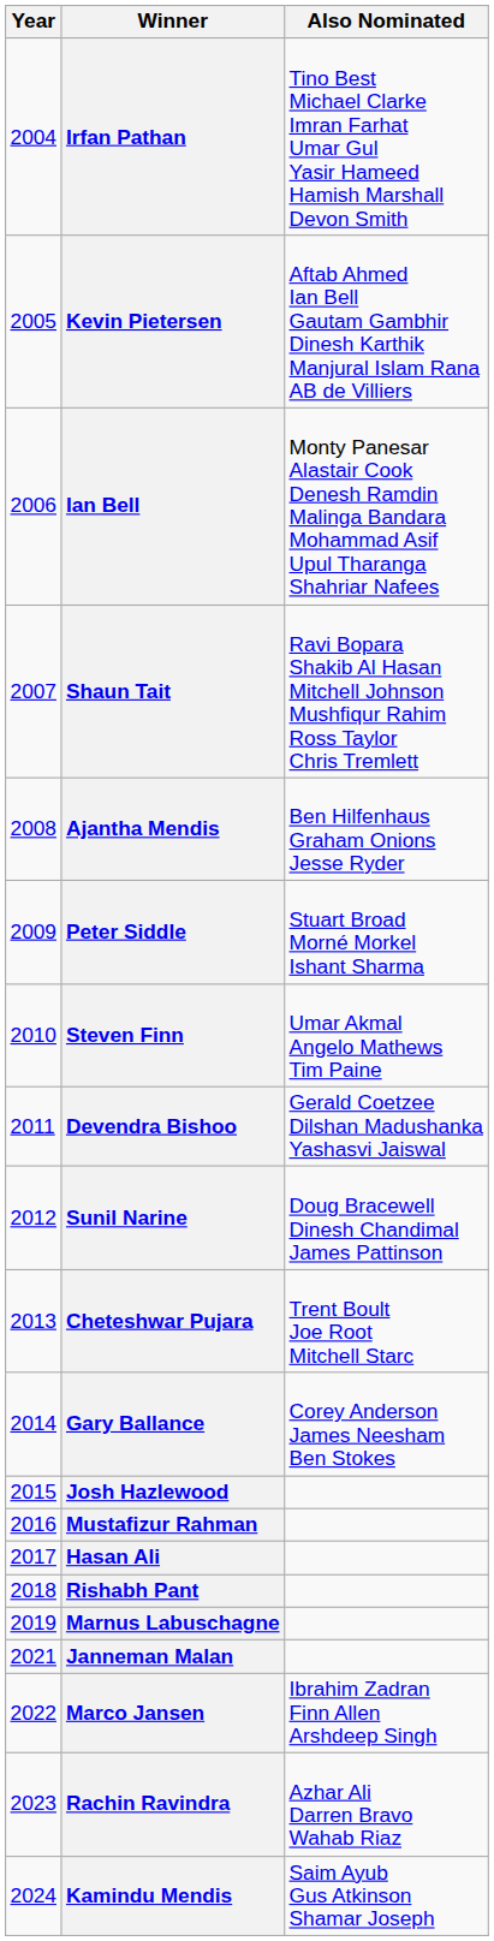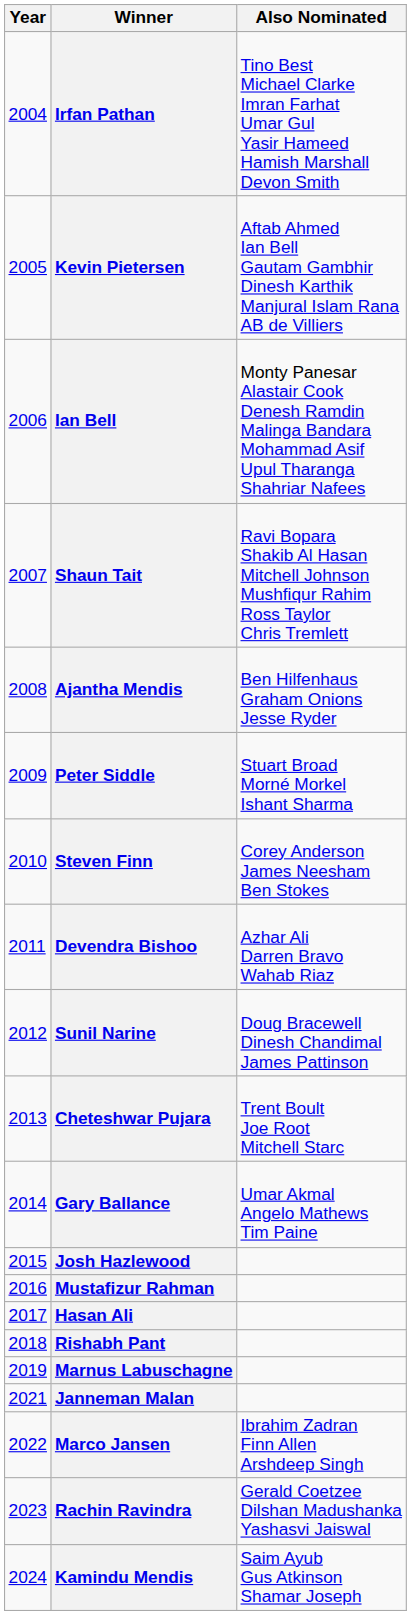 <table class="wikitable">
 <tr>
 <th>Year</th>
 <th>Winner</th>
 <th>Also Nominated</th>
 </tr>
 <tr>
 <td><a href='#'>2004</a></td>
 <th style="text-align:left;"> <a href='#'>Irfan Pathan</a></th>
 <td><br> <a href='#'>Tino Best</a><br>  <a href='#'>Michael Clarke</a><br>  <a href='#'>Imran Farhat</a><br>  <a href='#'>Umar Gul</a><br>  <a href='#'>Yasir Hameed</a><br>  <a href='#'>Hamish Marshall</a><br>  <a href='#'>Devon Smith</a></td>
 </tr>
 <tr>
 <td><a href='#'>2005</a></td>
 <th style="text-align:left;"> <a href='#'>Kevin Pietersen</a></th>
 <td><br> <a href='#'>Aftab Ahmed</a><br>  <a href='#'>Ian Bell</a><br>  <a href='#'>Gautam Gambhir</a><br>  <a href='#'>Dinesh Karthik</a><br>  <a href='#'>Manjural Islam Rana</a><br>  <a href='#'>AB de Villiers</a></td>
 </tr>
 <tr>
 <td><a href='#'>2006</a></td>
 <th style="text-align:left;"> <a href='#'>Ian Bell</a></th>
 <td><br> Monty Panesar<br>  <a href='#'>Alastair Cook</a><br>  <a href='#'>Denesh Ramdin</a><br>  <a href='#'>Malinga Bandara</a><br>  <a href='#'>Mohammad Asif</a><br>  <a href='#'>Upul Tharanga</a><br>  <a href='#'>Shahriar Nafees</a></td>
 </tr>
 <tr>
 <td><a href='#'>2007</a></td>
 <th style="text-align:left;"> <a href='#'>Shaun Tait</a></th>
 <td><br> <a href='#'>Ravi Bopara</a><br>  <a href='#'>Shakib Al Hasan</a><br>  <a href='#'>Mitchell Johnson</a><br>  <a href='#'>Mushfiqur Rahim</a><br>  <a href='#'>Ross Taylor</a><br>  <a href='#'>Chris Tremlett</a></td>
 </tr>
 <tr>
 <td><a href='#'>2008</a></td>
 <th style="text-align:left;"> <a href='#'>Ajantha Mendis</a></th>
 <td><br> <a href='#'>Ben Hilfenhaus</a><br>  <a href='#'>Graham Onions</a><br>  <a href='#'>Jesse Ryder</a></td>
 </tr>
 <tr>
 <td><a href='#'>2009</a></td>
 <th style="text-align:left;"> <a href='#'>Peter Siddle</a></th>
 <td><br> <a href='#'>Stuart Broad</a><br>  <a href='#'>Morné Morkel</a><br>  <a href='#'>Ishant Sharma</a></td>
 </tr>
 <tr>
 <td><a href='#'>2010</a></td>
 <th style="text-align:left;"> <a href='#'>Steven Finn</a></th>
-<td><br> <a href='#'>Umar Akmal</a><br>  <a href='#'>Angelo Mathews</a><br>  <a href='#'>Tim Paine</a></td>
+<td><br> <a href='#'>Corey Anderson</a><br>  <a href='#'>James Neesham</a><br>  <a href='#'>Ben Stokes</a></td>
 </tr>
 <tr>
 <td><a href='#'>2011</a></td>
 <th style="text-align:left;"> <a href='#'>Devendra Bishoo</a></th>
-<td> <a href='#'>Gerald Coetzee</a><br> <a href='#'>Dilshan Madushanka</a><br> <a href='#'>Yashasvi Jaiswal</a></td>
+<td><br> <a href='#'>Azhar Ali</a><br>  <a href='#'>Darren Bravo</a><br>  <a href='#'>Wahab Riaz</a></td>
 </tr>
 <tr>
 <td><a href='#'>2012</a></td>
 <th style="text-align:left;"> <a href='#'>Sunil Narine</a></th>
 <td><br> <a href='#'>Doug Bracewell</a><br>  <a href='#'>Dinesh Chandimal</a><br>  <a href='#'>James Pattinson</a></td>
 </tr>
 <tr>
 <td><a href='#'>2013</a></td>
 <th style="text-align:left;"> <a href='#'>Cheteshwar Pujara</a></th>
 <td><br> <a href='#'>Trent Boult</a><br>  <a href='#'>Joe Root</a><br>  <a href='#'>Mitchell Starc</a></td>
 </tr>
 <tr>
 <td><a href='#'>2014</a></td>
 <th style="text-align:left;"> <a href='#'>Gary Ballance</a></th>
-<td><br> <a href='#'>Corey Anderson</a><br>  <a href='#'>James Neesham</a><br>  <a href='#'>Ben Stokes</a></td>
+<td><br> <a href='#'>Umar Akmal</a><br>  <a href='#'>Angelo Mathews</a><br>  <a href='#'>Tim Paine</a></td>
 </tr>
 <tr>
 <td><a href='#'>2015</a></td>
 <th style="text-align:left;"> <a href='#'>Josh Hazlewood</a></th>
 <td></td>
 </tr>
 <tr>
 <td><a href='#'>2016</a></td>
 <th style="text-align:left;"> <a href='#'>Mustafizur Rahman</a></th>
 <td></td>
 </tr>
 <tr>
 <td><a href='#'>2017</a></td>
 <th style="text-align:left;"> <a href='#'>Hasan Ali</a></th>
 <td></td>
 </tr>
 <tr>
 <td><a href='#'>2018</a></td>
 <th style="text-align:left;"> <a href='#'>Rishabh Pant</a></th>
 <td></td>
 </tr>
 <tr>
 <td><a href='#'>2019</a></td>
 <th style="text-align:left;"> <a href='#'>Marnus Labuschagne</a></th>
 <td></td>
 </tr>
 <tr>
 <td><a href='#'>2021</a></td>
 <th style="text-align:left;"> <a href='#'>Janneman Malan</a></th>
 <td></td>
 </tr>
 <tr>
 <td><a href='#'>2022</a></td>
 <th style="text-align:left;"> <a href='#'>Marco Jansen</a></th>
 <td> <a href='#'>Ibrahim Zadran</a><br> <a href='#'>Finn Allen</a><br> <a href='#'>Arshdeep Singh</a></td>
 </tr>
 <tr>
 <td><a href='#'>2023</a></td>
 <th style="text-align:left;"> <a href='#'>Rachin Ravindra</a></th>
-<td><br> <a href='#'>Azhar Ali</a><br>  <a href='#'>Darren Bravo</a><br>  <a href='#'>Wahab Riaz</a></td>
+<td> <a href='#'>Gerald Coetzee</a><br> <a href='#'>Dilshan Madushanka</a><br> <a href='#'>Yashasvi Jaiswal</a></td>
 </tr>
 <tr>
 <td><a href='#'>2024</a></td>
 <th style="text-align:left;"> <a href='#'>Kamindu Mendis</a></th>
 <td> <a href='#'>Saim Ayub</a><br> <a href='#'>Gus Atkinson</a><br> <a href='#'>Shamar Joseph</a></td>
 </tr>
 <tr>
 </tr>
 </table>
